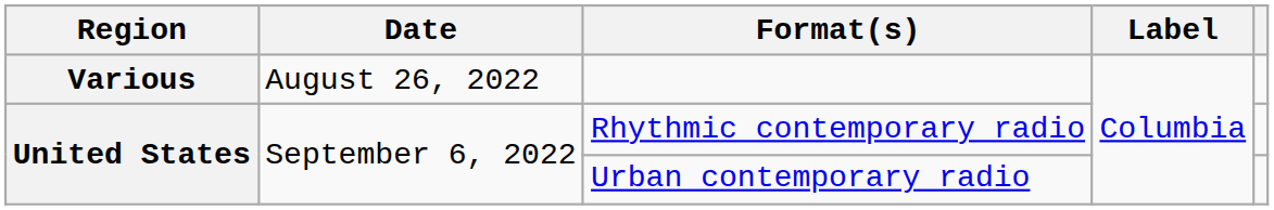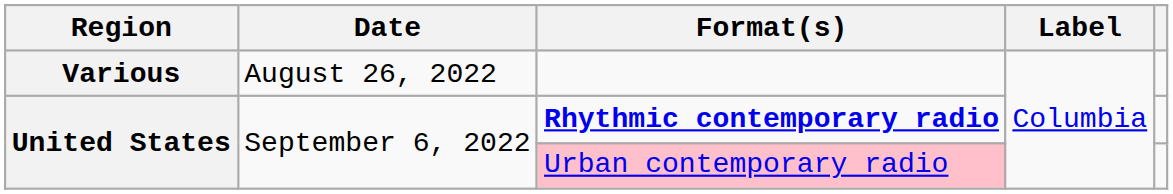 <table class="wikitable plainrowheaders">
 <tr>
 <th scope="col">Region</th>
 <th scope="col">Date</th>
 <th scope="col">Format(s)</th>
 <th scope="col">Label</th>
 <th scope="col"></th>
 </tr>
 <tr>
 <th scope="row">Various</th>
 <td>August 26, 2022</td>
 <td></td>
 <td rowspan="3"><a href='#'>Columbia</a></td>
 <td align="center"></td>
 </tr>
 <tr>
 <th scope="row" rowspan="2">United States</th>
 <td rowspan="2">September 6, 2022</td>
-<td><a href='#'>Rhythmic contemporary radio</a></td>
+<td><strong><a href='#'>Rhythmic contemporary radio</a></strong></td>
 <td align="center"></td>
 </tr>
 <tr>
-<td><a href='#'>Urban contemporary radio</a></td>
+<td style="background: pink;"><a href='#'>Urban contemporary radio</a></td>
 <td align="center"></td>
 </tr>
 </table>
